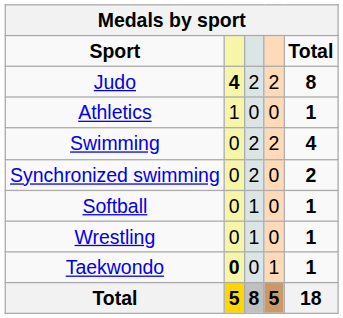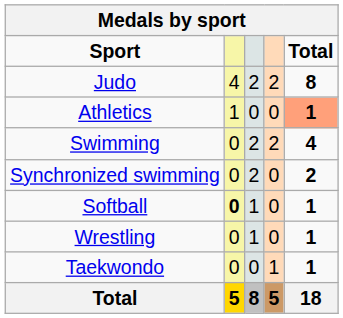 <table class=wikitable style="font-size:95%; float:right">
 <tr bgcolor=efefef>
 <th colspan=7><strong>Medals by sport</strong></th>
 </tr>
 <tr align=center>
 <td><strong>Sport</strong></td>
 <td bgcolor=f7f6a8></td>
 <td bgcolor=dce5e5></td>
 <td bgcolor=ffdab9></td>
 <td><strong>Total</strong></td>
 </tr>
 <tr align=center>
 <td><a href='#'>Judo</a></td>
-<td style="background:#F7F6A8;"><strong>4</strong></td>
+<td style="background:#F7F6A8;">4</td>
 <td style="background:#DCE5E5;">2</td>
 <td style="background:#FFDAB9;">2</td>
 <td><strong>8</strong></td>
 </tr>
 <tr align=center>
 <td><a href='#'>Athletics</a></td>
 <td style="background:#F7F6A8;">1</td>
 <td style="background:#DCE5E5;">0</td>
 <td style="background:#FFDAB9;">0</td>
-<td><strong>1</strong></td>
+<td style="background: lightsalmon;"><strong>1</strong></td>
 </tr>
 <tr align=center>
 <td><a href='#'>Swimming</a></td>
 <td style="background:#F7F6A8;">0</td>
 <td style="background:#DCE5E5;">2</td>
 <td style="background:#FFDAB9;">2</td>
 <td><strong>4</strong></td>
 </tr>
 <tr align=center>
 <td><a href='#'>Synchronized swimming</a></td>
 <td style="background:#F7F6A8;">0</td>
 <td style="background:#DCE5E5;">2</td>
 <td style="background:#FFDAB9;">0</td>
 <td><strong>2</strong></td>
 </tr>
 <tr align=center>
 <td><a href='#'>Softball</a></td>
-<td style="background:#F7F6A8;">0</td>
+<td style="background:#F7F6A8;"><strong>0</strong></td>
 <td style="background:#DCE5E5;">1</td>
 <td style="background:#FFDAB9;">0</td>
 <td><strong>1</strong></td>
 </tr>
 <tr align=center>
 <td><a href='#'>Wrestling</a></td>
 <td style="background:#F7F6A8;">0</td>
 <td style="background:#DCE5E5;">1</td>
 <td style="background:#FFDAB9;">0</td>
 <td><strong>1</strong></td>
 </tr>
 <tr align=center>
 <td><a href='#'>Taekwondo</a></td>
-<td style="background:#F7F6A8;"><strong>0</strong></td>
+<td style="background:#F7F6A8;">0</td>
 <td style="background:#DCE5E5;">0</td>
 <td style="background:#FFDAB9;">1</td>
 <td><strong>1</strong></td>
 </tr>
 <tr align=center>
 <th>Total</th>
 <th style="background:gold">5</th>
 <th style="background:silver">8</th>
 <th style="background:#c96">5</th>
 <th>18</th>
 </tr>
 </table>
